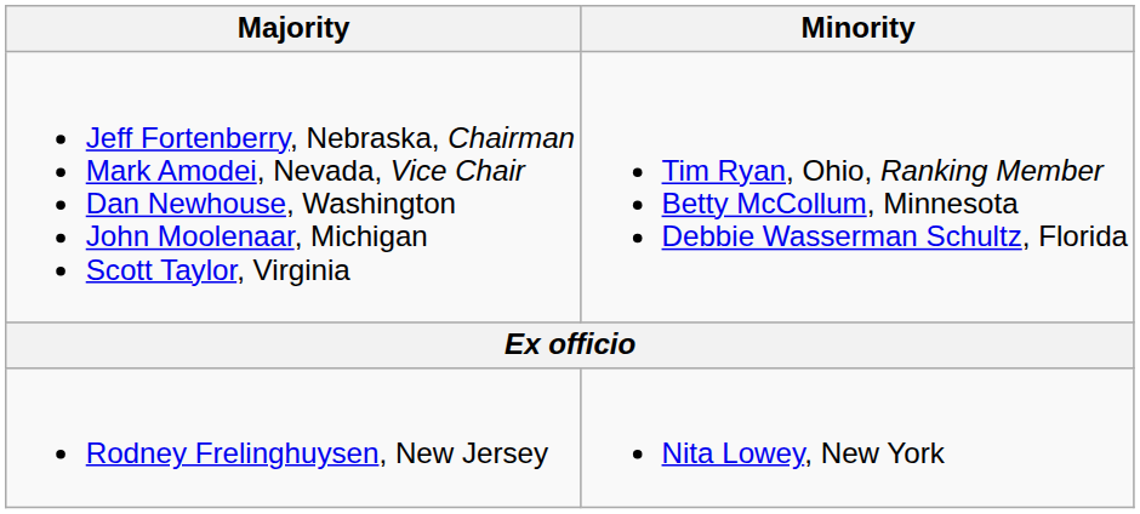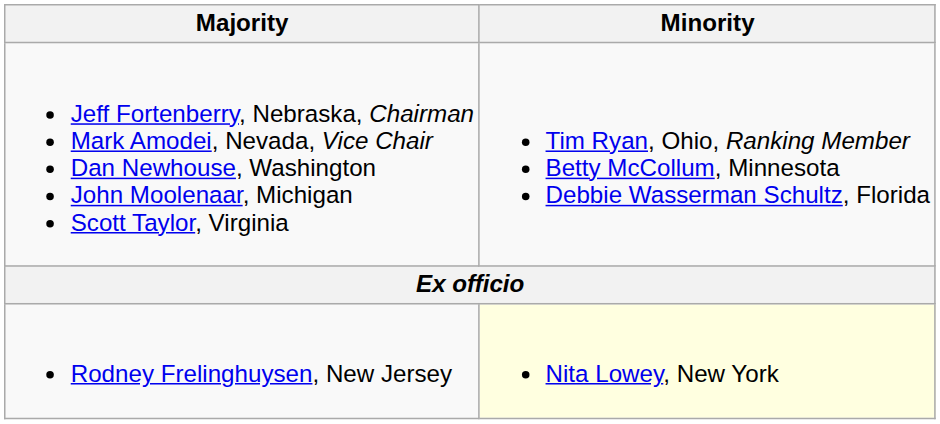 <table class=wikitable>
 <tr>
 <th>Majority</th>
 <th>Minority</th>
 </tr>
 <tr>
 <td><br><ul><li><a href='#'>Jeff Fortenberry</a>, Nebraska, <em>Chairman</em></li><li><a href='#'>Mark Amodei</a>, Nevada, <em>Vice Chair</em></li><li><a href='#'>Dan Newhouse</a>, Washington</li><li><a href='#'>John Moolenaar</a>, Michigan</li><li><a href='#'>Scott Taylor</a>, Virginia</li></ul></td>
 <td><br><ul><li><a href='#'>Tim Ryan</a>, Ohio, <em>Ranking Member</em></li><li><a href='#'>Betty McCollum</a>, Minnesota</li><li><a href='#'>Debbie Wasserman Schultz</a>, Florida</li></ul></td>
 </tr>
 <tr>
 <th colspan=2><em>Ex officio</em></th>
 </tr>
 <tr>
 <td><br><ul><li><a href='#'>Rodney Frelinghuysen</a>, New Jersey</li></ul></td>
-<td><br><ul><li><a href='#'>Nita Lowey</a>, New York</li></ul></td>
+<td style="background: lightyellow;"><br><ul><li><a href='#'>Nita Lowey</a>, New York</li></ul></td>
 </tr>
 </table>
